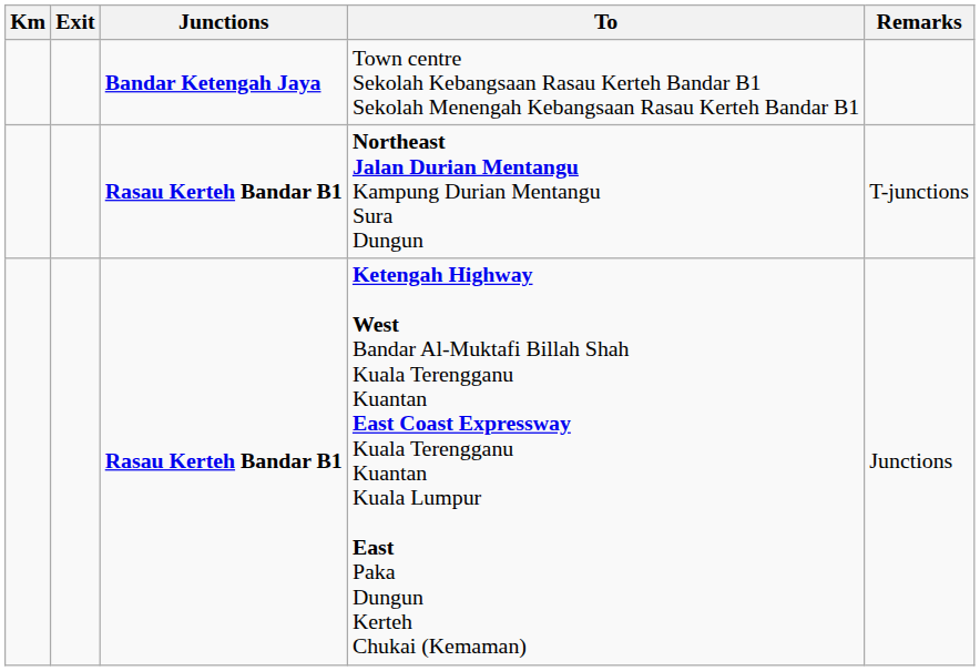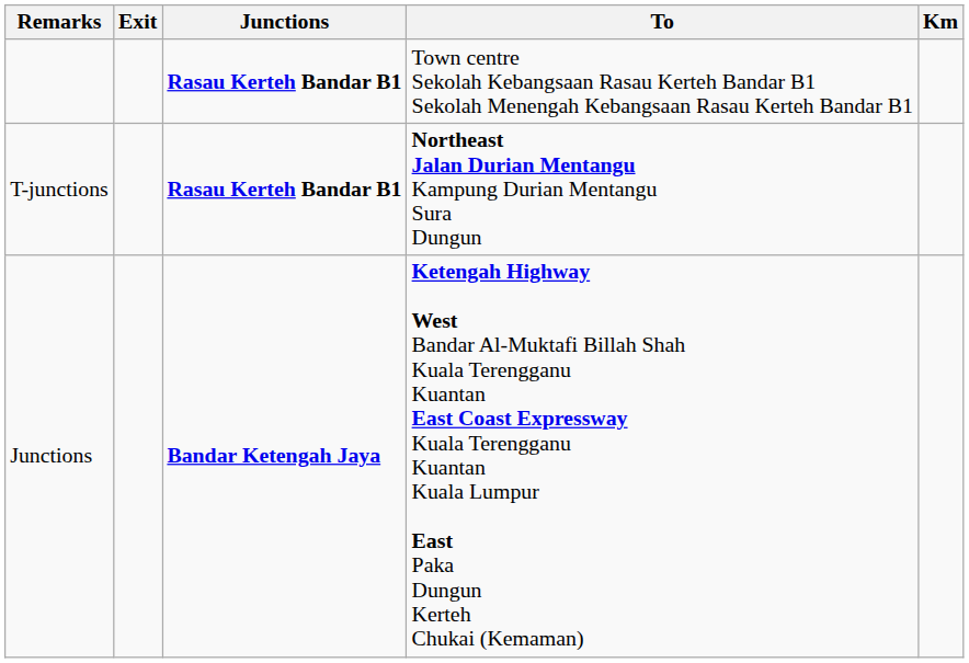 <table class="wikitable">
 <tr>
-<th>Km</th>
+<th>Remarks</th>
 <th>Exit</th>
 <th>Junctions</th>
 <th>To</th>
-<th>Remarks</th>
-</tr>
-<tr>
-<td></td>
-<td></td>
-<td><strong><a href='#'>Bandar Ketengah Jaya</a></strong></td>
-<td>Town centre<br>Sekolah Kebangsaan Rasau Kerteh Bandar B1<br>Sekolah Menengah Kebangsaan Rasau Kerteh Bandar B1</td>
-<td></td>
+<th>Km</th>
 </tr>
 <tr>
 <td></td>
 <td></td>
 <td><strong><a href='#'>Rasau Kerteh</a> Bandar B1</strong></td>
-<td><strong>Northeast</strong><br> <strong><a href='#'>Jalan Durian Mentangu</a></strong><br>Kampung Durian Mentangu<br>Sura<br>Dungun</td>
-<td>T-junctions</td>
+<td>Town centre<br>Sekolah Kebangsaan Rasau Kerteh Bandar B1<br>Sekolah Menengah Kebangsaan Rasau Kerteh Bandar B1</td>
+<td></td>
 </tr>
 <tr>
-<td></td>
+<td>T-junctions</td>
 <td></td>
 <td><strong><a href='#'>Rasau Kerteh</a> Bandar B1</strong></td>
+<td><strong>Northeast</strong><br> <strong><a href='#'>Jalan Durian Mentangu</a></strong><br>Kampung Durian Mentangu<br>Sura<br>Dungun</td>
+<td></td>
+</tr>
+<tr>
+<td>Junctions</td>
+<td></td>
+<td><strong><a href='#'>Bandar Ketengah Jaya</a></strong></td>
 <td> <strong><a href='#'>Ketengah Highway</a></strong><br><br><strong>West</strong><br> Bandar Al-Muktafi Billah Shah<br> Kuala Terengganu<br> Kuantan<br> <strong><a href='#'>East Coast Expressway</a></strong><br>Kuala Terengganu<br>Kuantan<br>Kuala Lumpur<br><br><strong>East</strong><br> Paka<br>  Dungun<br>  Kerteh<br>  Chukai (Kemaman)</td>
-<td>Junctions</td>
+<td></td>
 </tr>
 </table>
